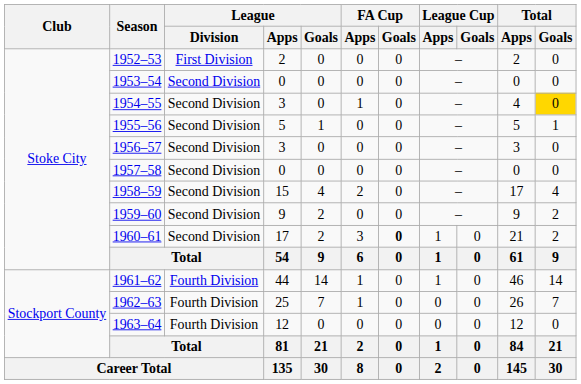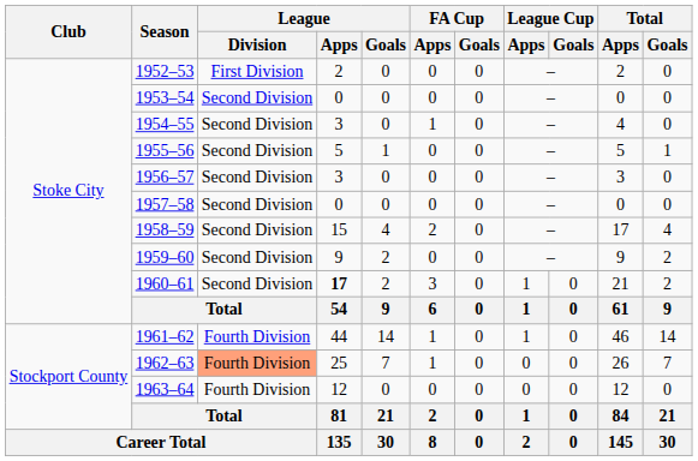 <table class="wikitable" style="text-align: center;">
 <tr>
 <th rowspan="2">Club</th>
 <th rowspan="2">Season</th>
 <th colspan="3">League</th>
 <th colspan="2">FA Cup</th>
 <th colspan="2">League Cup</th>
 <th colspan="2">Total</th>
 </tr>
 <tr>
 <th>Division</th>
 <th>Apps</th>
 <th>Goals</th>
 <th>Apps</th>
 <th>Goals</th>
 <th>Apps</th>
 <th>Goals</th>
 <th>Apps</th>
 <th>Goals</th>
 </tr>
 <tr>
 <td rowspan="10"><a href='#'>Stoke City</a></td>
 <td><a href='#'>1952–53</a></td>
 <td><a href='#'>First Division</a></td>
 <td>2</td>
 <td>0</td>
 <td>0</td>
 <td>0</td>
 <td colspan="2">–</td>
 <td>2</td>
 <td>0</td>
 </tr>
 <tr>
 <td><a href='#'>1953–54</a></td>
 <td><a href='#'>Second Division</a></td>
 <td>0</td>
 <td>0</td>
 <td>0</td>
 <td>0</td>
 <td colspan="2">–</td>
 <td>0</td>
 <td>0</td>
 </tr>
 <tr>
 <td><a href='#'>1954–55</a></td>
 <td>Second Division</td>
 <td>3</td>
 <td>0</td>
 <td>1</td>
 <td>0</td>
 <td colspan="2">–</td>
 <td>4</td>
-<td style="background: gold;">0</td>
+<td>0</td>
 </tr>
 <tr>
 <td><a href='#'>1955–56</a></td>
 <td>Second Division</td>
 <td>5</td>
 <td>1</td>
 <td>0</td>
 <td>0</td>
 <td colspan="2">–</td>
 <td>5</td>
 <td>1</td>
 </tr>
 <tr>
 <td><a href='#'>1956–57</a></td>
 <td>Second Division</td>
 <td>3</td>
 <td>0</td>
 <td>0</td>
 <td>0</td>
 <td colspan="2">–</td>
 <td>3</td>
 <td>0</td>
 </tr>
 <tr>
 <td><a href='#'>1957–58</a></td>
 <td>Second Division</td>
 <td>0</td>
 <td>0</td>
 <td>0</td>
 <td>0</td>
 <td colspan="2">–</td>
 <td>0</td>
 <td>0</td>
 </tr>
 <tr>
 <td><a href='#'>1958–59</a></td>
 <td>Second Division</td>
 <td>15</td>
 <td>4</td>
 <td>2</td>
 <td>0</td>
 <td colspan="2">–</td>
 <td>17</td>
 <td>4</td>
 </tr>
 <tr>
 <td><a href='#'>1959–60</a></td>
 <td>Second Division</td>
 <td>9</td>
 <td>2</td>
 <td>0</td>
 <td>0</td>
 <td colspan="2">–</td>
 <td>9</td>
 <td>2</td>
 </tr>
 <tr>
 <td><a href='#'>1960–61</a></td>
 <td>Second Division</td>
-<td>17</td>
+<td><strong>17</strong></td>
 <td>2</td>
 <td>3</td>
-<td><strong>0</strong></td>
+<td>0</td>
 <td>1</td>
 <td>0</td>
 <td>21</td>
 <td>2</td>
 </tr>
 <tr>
 <th colspan=2>Total</th>
 <th>54</th>
 <th>9</th>
 <th>6</th>
 <th>0</th>
 <th>1</th>
 <th>0</th>
 <th>61</th>
 <th>9</th>
 </tr>
 <tr>
 <td rowspan="4"><a href='#'>Stockport County</a></td>
 <td><a href='#'>1961–62</a></td>
 <td><a href='#'>Fourth Division</a></td>
 <td>44</td>
 <td>14</td>
 <td>1</td>
 <td>0</td>
 <td>1</td>
 <td>0</td>
 <td>46</td>
 <td>14</td>
 </tr>
 <tr>
 <td><a href='#'>1962–63</a></td>
-<td>Fourth Division</td>
+<td style="background: lightsalmon;">Fourth Division</td>
 <td>25</td>
 <td>7</td>
 <td>1</td>
 <td>0</td>
 <td>0</td>
 <td>0</td>
 <td>26</td>
 <td>7</td>
 </tr>
 <tr>
 <td><a href='#'>1963–64</a></td>
 <td>Fourth Division</td>
 <td>12</td>
 <td>0</td>
 <td>0</td>
 <td>0</td>
 <td>0</td>
 <td>0</td>
 <td>12</td>
 <td>0</td>
 </tr>
 <tr>
 <th colspan=2>Total</th>
 <th>81</th>
 <th>21</th>
 <th>2</th>
 <th>0</th>
 <th>1</th>
 <th>0</th>
 <th>84</th>
 <th>21</th>
 </tr>
 <tr>
 <th colspan="3">Career Total</th>
 <th>135</th>
 <th>30</th>
 <th>8</th>
 <th>0</th>
 <th>2</th>
 <th>0</th>
 <th>145</th>
 <th>30</th>
 </tr>
 </table>
